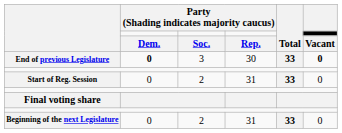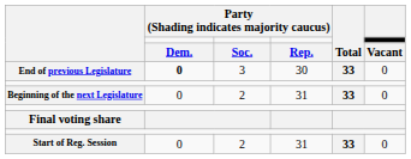 <table class=wikitable style="text-align:center">
 <tr style="vertical-align:bottom;">
 <th rowspan=3></th>
 <th colspan=3>Party <div>(Shading indicates majority caucus)</div></th>
 <th rowspan=3>Total</th>
 <th></th>
 </tr>
 <tr style="height:5px">
 <td style="background-color:"></td>
 <td style="background-color:"></td>
 <td style="background-color:"></td>
 <td style="background:black;"></td>
 </tr>
 <tr>
 <th><a href='#'>Dem.</a></th>
 <th><a href='#'>Soc.</a></th>
 <th><a href='#'>Rep.</a></th>
 <th>Vacant</th>
 </tr>
 <tr>
 <th style="font-size:80%;">End of <a href='#'>previous Legislature</a></th>
 <td><strong>0</strong></td>
 <td>3</td>
 <td>30</td>
 <th>33</th>
-<td><strong>0</strong></td>
+<td>0</td>
 </tr>
 <tr>
 <td colspan=6></td>
 </tr>
 <tr>
-<th style="font-size:80%;">Start of Reg. Session</th>
+<th style="font-size:80%;">Beginning of the <a href='#'>next Legislature</a></th>
 <td>0</td>
 <td>2</td>
 <td>31</td>
 <th>33</th>
 <td>0</td>
 </tr>
 <tr>
 <td colspan=6></td>
 </tr>
 <tr>
 <th>Final voting share</th>
 <th colspan=2></th>
 <th></th>
 <th colspan=2></th>
 </tr>
 <tr>
 <td colspan=6></td>
 </tr>
 <tr>
-<th style="font-size:80%;">Beginning of the <a href='#'>next Legislature</a></th>
+<th style="font-size:80%;">Start of Reg. Session</th>
 <td>0</td>
 <td>2</td>
 <td>31</td>
 <th>33</th>
 <td>0</td>
 </tr>
 </table>
